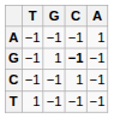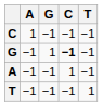 <table class="wikitable">
 <tr>
 <th scope="col"></th>
-<th scope="col">T</th>
+<th scope="col">A</th>
 <th scope="col">G</th>
 <th scope="col">C</th>
-<th scope="col">A</th>
+<th scope="col">T</th>
 </tr>
 <tr style="text-align: right;">
-<th scope="row">A</th>
+<th scope="row">C</th>
+<td>1</td>
 <td>−1</td>
 <td>−1</td>
 <td>−1</td>
-<td>1</td>
 </tr>
 <tr style="text-align: right;">
 <th scope="row">G</th>
 <td>−1</td>
 <td>1</td>
 <td><strong>−1</strong></td>
 <td>−1</td>
 </tr>
 <tr style="text-align: right;">
-<th scope="row">C</th>
+<th scope="row">A</th>
 <td>−1</td>
 <td>−1</td>
 <td>1</td>
 <td>−1</td>
 </tr>
 <tr style="text-align: right;">
 <th scope="row">T</th>
-<td>1</td>
 <td>−1</td>
 <td>−1</td>
 <td>−1</td>
+<td>1</td>
 </tr>
 </table>
